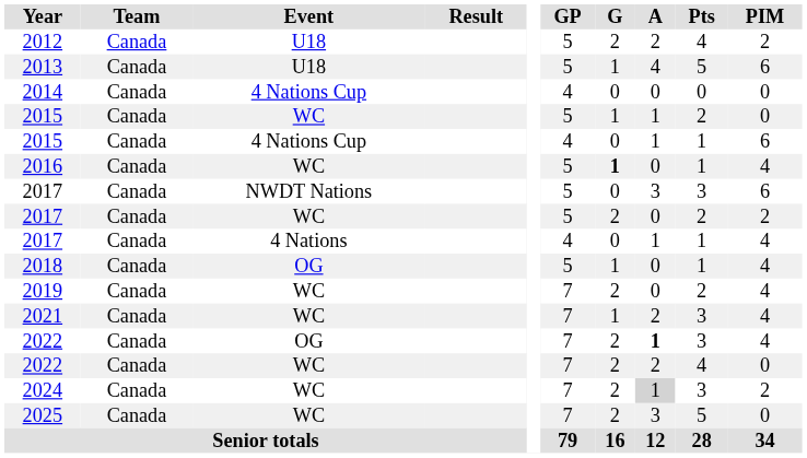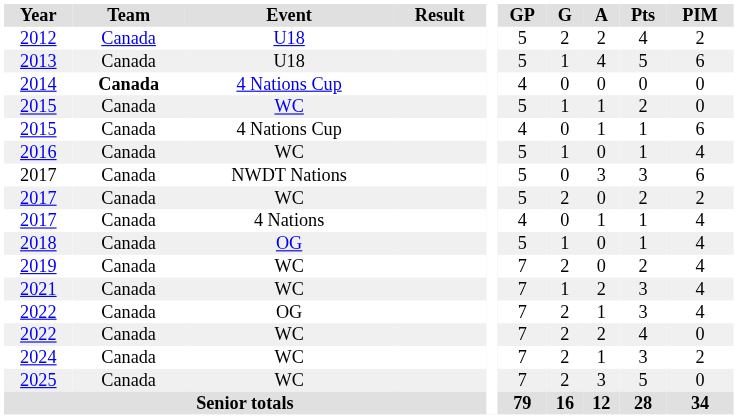 <table border="0" cellpadding="1" cellspacing="0" style="text-align:center; width:40em">
 <tr ALIGN="centre" bgcolor="#e0e0e0">
 <th>Year</th>
 <th>Team</th>
 <th>Event</th>
 <th>Result</th>
 <th rowspan="99" bgcolor="#ffffff"> </th>
 <th>GP</th>
 <th>G</th>
 <th>A</th>
 <th>Pts</th>
 <th>PIM</th>
 </tr>
 <tr>
 <td><a href='#'>2012</a></td>
 <td><a href='#'>Canada</a></td>
 <td><a href='#'>U18</a></td>
 <td></td>
 <td>5</td>
 <td>2</td>
 <td>2</td>
 <td>4</td>
 <td>2</td>
 </tr>
 <tr style="background:#f0f0f0;">
 <td><a href='#'>2013</a></td>
 <td>Canada</td>
 <td>U18</td>
 <td></td>
 <td>5</td>
 <td>1</td>
 <td>4</td>
 <td>5</td>
 <td>6</td>
 </tr>
 <tr>
 <td><a href='#'>2014</a></td>
-<td>Canada</td>
+<td><strong>Canada</strong></td>
 <td><a href='#'>4 Nations Cup</a></td>
 <td></td>
 <td>4</td>
 <td>0</td>
 <td>0</td>
 <td>0</td>
 <td>0</td>
 </tr>
 <tr style="background:#f0f0f0;">
 <td><a href='#'>2015</a></td>
 <td>Canada</td>
 <td><a href='#'>WC</a></td>
 <td></td>
 <td>5</td>
 <td>1</td>
 <td>1</td>
 <td>2</td>
 <td>0</td>
 </tr>
 <tr>
 <td><a href='#'>2015</a></td>
 <td>Canada</td>
 <td>4 Nations Cup</td>
 <td></td>
 <td>4</td>
 <td>0</td>
 <td>1</td>
 <td>1</td>
 <td>6</td>
 </tr>
 <tr style="background:#f0f0f0;">
 <td><a href='#'>2016</a></td>
 <td>Canada</td>
 <td>WC</td>
 <td></td>
 <td>5</td>
-<td><strong>1</strong></td>
+<td>1</td>
 <td>0</td>
 <td>1</td>
 <td>4</td>
 </tr>
 <tr>
 <td>2017</td>
 <td>Canada</td>
 <td>NWDT Nations</td>
 <td></td>
 <td>5</td>
 <td>0</td>
 <td>3</td>
 <td>3</td>
 <td>6</td>
 </tr>
 <tr style="background:#f0f0f0;">
 <td><a href='#'>2017</a></td>
 <td>Canada</td>
 <td>WC</td>
 <td></td>
 <td>5</td>
 <td>2</td>
 <td>0</td>
 <td>2</td>
 <td>2</td>
 </tr>
 <tr>
 <td><a href='#'>2017</a></td>
 <td>Canada</td>
 <td>4 Nations</td>
 <td></td>
 <td>4</td>
 <td>0</td>
 <td>1</td>
 <td>1</td>
 <td>4</td>
 </tr>
 <tr style="background:#f0f0f0;">
 <td><a href='#'>2018</a></td>
 <td>Canada</td>
 <td><a href='#'>OG</a></td>
 <td></td>
 <td>5</td>
 <td>1</td>
 <td>0</td>
 <td>1</td>
 <td>4</td>
 </tr>
 <tr>
 <td><a href='#'>2019</a></td>
 <td>Canada</td>
 <td>WC</td>
 <td></td>
 <td>7</td>
 <td>2</td>
 <td>0</td>
 <td>2</td>
 <td>4</td>
 </tr>
 <tr style="background:#f0f0f0;">
 <td><a href='#'>2021</a></td>
 <td>Canada</td>
 <td>WC</td>
 <td></td>
 <td>7</td>
 <td>1</td>
 <td>2</td>
 <td>3</td>
 <td>4</td>
 </tr>
 <tr>
 <td><a href='#'>2022</a></td>
 <td>Canada</td>
 <td>OG</td>
 <td></td>
 <td>7</td>
 <td>2</td>
-<td><strong>1</strong></td>
+<td>1</td>
 <td>3</td>
 <td>4</td>
 </tr>
 <tr style="background:#f0f0f0;">
 <td><a href='#'>2022</a></td>
 <td>Canada</td>
 <td>WC</td>
 <td></td>
 <td>7</td>
 <td>2</td>
 <td>2</td>
 <td>4</td>
 <td>0</td>
 </tr>
 <tr>
 <td><a href='#'>2024</a></td>
 <td>Canada</td>
 <td>WC</td>
 <td></td>
 <td>7</td>
 <td>2</td>
-<td style="background: lightgrey;">1</td>
+<td>1</td>
 <td>3</td>
 <td>2</td>
 </tr>
 <tr style="background:#f0f0f0;">
 <td><a href='#'>2025</a></td>
 <td>Canada</td>
 <td>WC</td>
 <td></td>
 <td>7</td>
 <td>2</td>
 <td>3</td>
 <td>5</td>
 <td>0</td>
 </tr>
 <tr style="background:#e0e0e0;">
 <th colspan=4>Senior totals</th>
 <th>79</th>
 <th>16</th>
 <th>12</th>
 <th>28</th>
 <th>34</th>
 </tr>
 </table>
